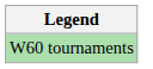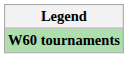 <table class="wikitable" style="font-size:85%">
 <tr>
 <th>Legend</th>
 </tr>
 <tr style="background:#addfad">
-<td>W60 tournaments</td>
+<td><strong>W60 tournaments</strong></td>
 </tr>
 </table>
